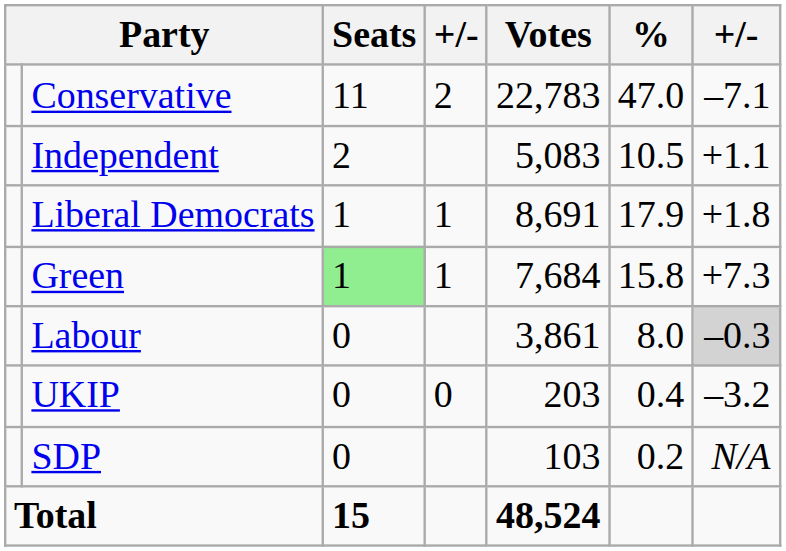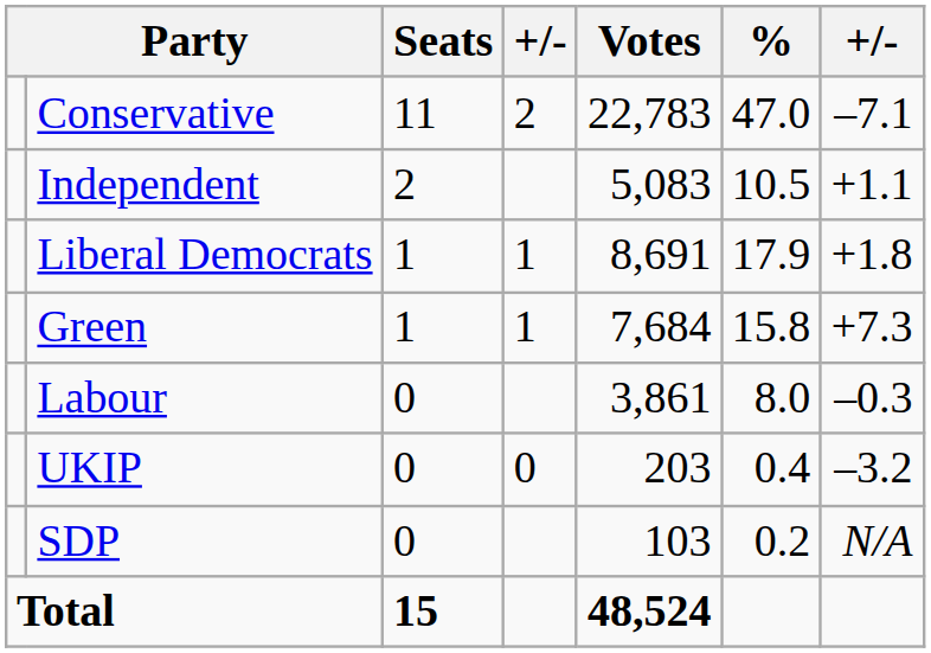 <table class="wikitable sortable">
 <tr>
 <th colspan="2">Party</th>
 <th>Seats</th>
 <th>+/-</th>
 <th>Votes</th>
 <th>%</th>
 <th>+/-</th>
 </tr>
 <tr>
 <td style="background-color: "></td>
 <td><a href='#'>Conservative</a></td>
 <td>11</td>
 <td> 2</td>
 <td style="text-align:right;">22,783</td>
 <td style="text-align:right;">47.0</td>
 <td style="text-align:right;">–7.1</td>
 </tr>
 <tr>
 <td style="background-color: "></td>
 <td><a href='#'>Independent</a></td>
 <td>2</td>
 <td></td>
 <td style="text-align:right;">5,083</td>
 <td style="text-align:right;">10.5</td>
 <td style="text-align:right;">+1.1</td>
 </tr>
 <tr>
 <td style="background-color: "></td>
 <td><a href='#'>Liberal Democrats</a></td>
 <td>1</td>
 <td> 1</td>
 <td style="text-align:right;">8,691</td>
 <td style="text-align:right;">17.9</td>
 <td style="text-align:right;">+1.8</td>
 </tr>
 <tr>
 <td style="background-color: "></td>
 <td><a href='#'>Green</a></td>
-<td style="background: lightgreen;">1</td>
+<td>1</td>
 <td> 1</td>
 <td style="text-align:right;">7,684</td>
 <td style="text-align:right;">15.8</td>
 <td style="text-align:right;">+7.3</td>
 </tr>
 <tr>
 <td style="background-color: "></td>
 <td><a href='#'>Labour</a></td>
 <td>0</td>
 <td></td>
 <td style="text-align:right;">3,861</td>
 <td style="text-align:right;">8.0</td>
-<td style="background: lightgrey; text-align:right;">–0.3</td>
+<td style="text-align:right;">–0.3</td>
 </tr>
 <tr>
 <td style="background-color: "></td>
 <td><a href='#'>UKIP</a></td>
 <td>0</td>
 <td>0</td>
 <td style="text-align:right;">203</td>
 <td style="text-align:right;">0.4</td>
 <td style="text-align:right;">–3.2</td>
 </tr>
 <tr>
 <td style="background-color: "></td>
 <td><a href='#'>SDP</a></td>
 <td>0</td>
 <td></td>
 <td style="text-align:right;">103</td>
 <td style="text-align:right;">0.2</td>
 <td style="text-align:right;"><em>N/A</em></td>
 </tr>
 <tr>
 <td colspan="2"><strong>Total</strong></td>
 <td><strong>15</strong></td>
 <td></td>
 <td style="text-align:right;"><strong>48,524</strong></td>
 <td style="text-align:right;"></td>
 <td style="text-align:right;"></td>
 </tr>
 </table>
